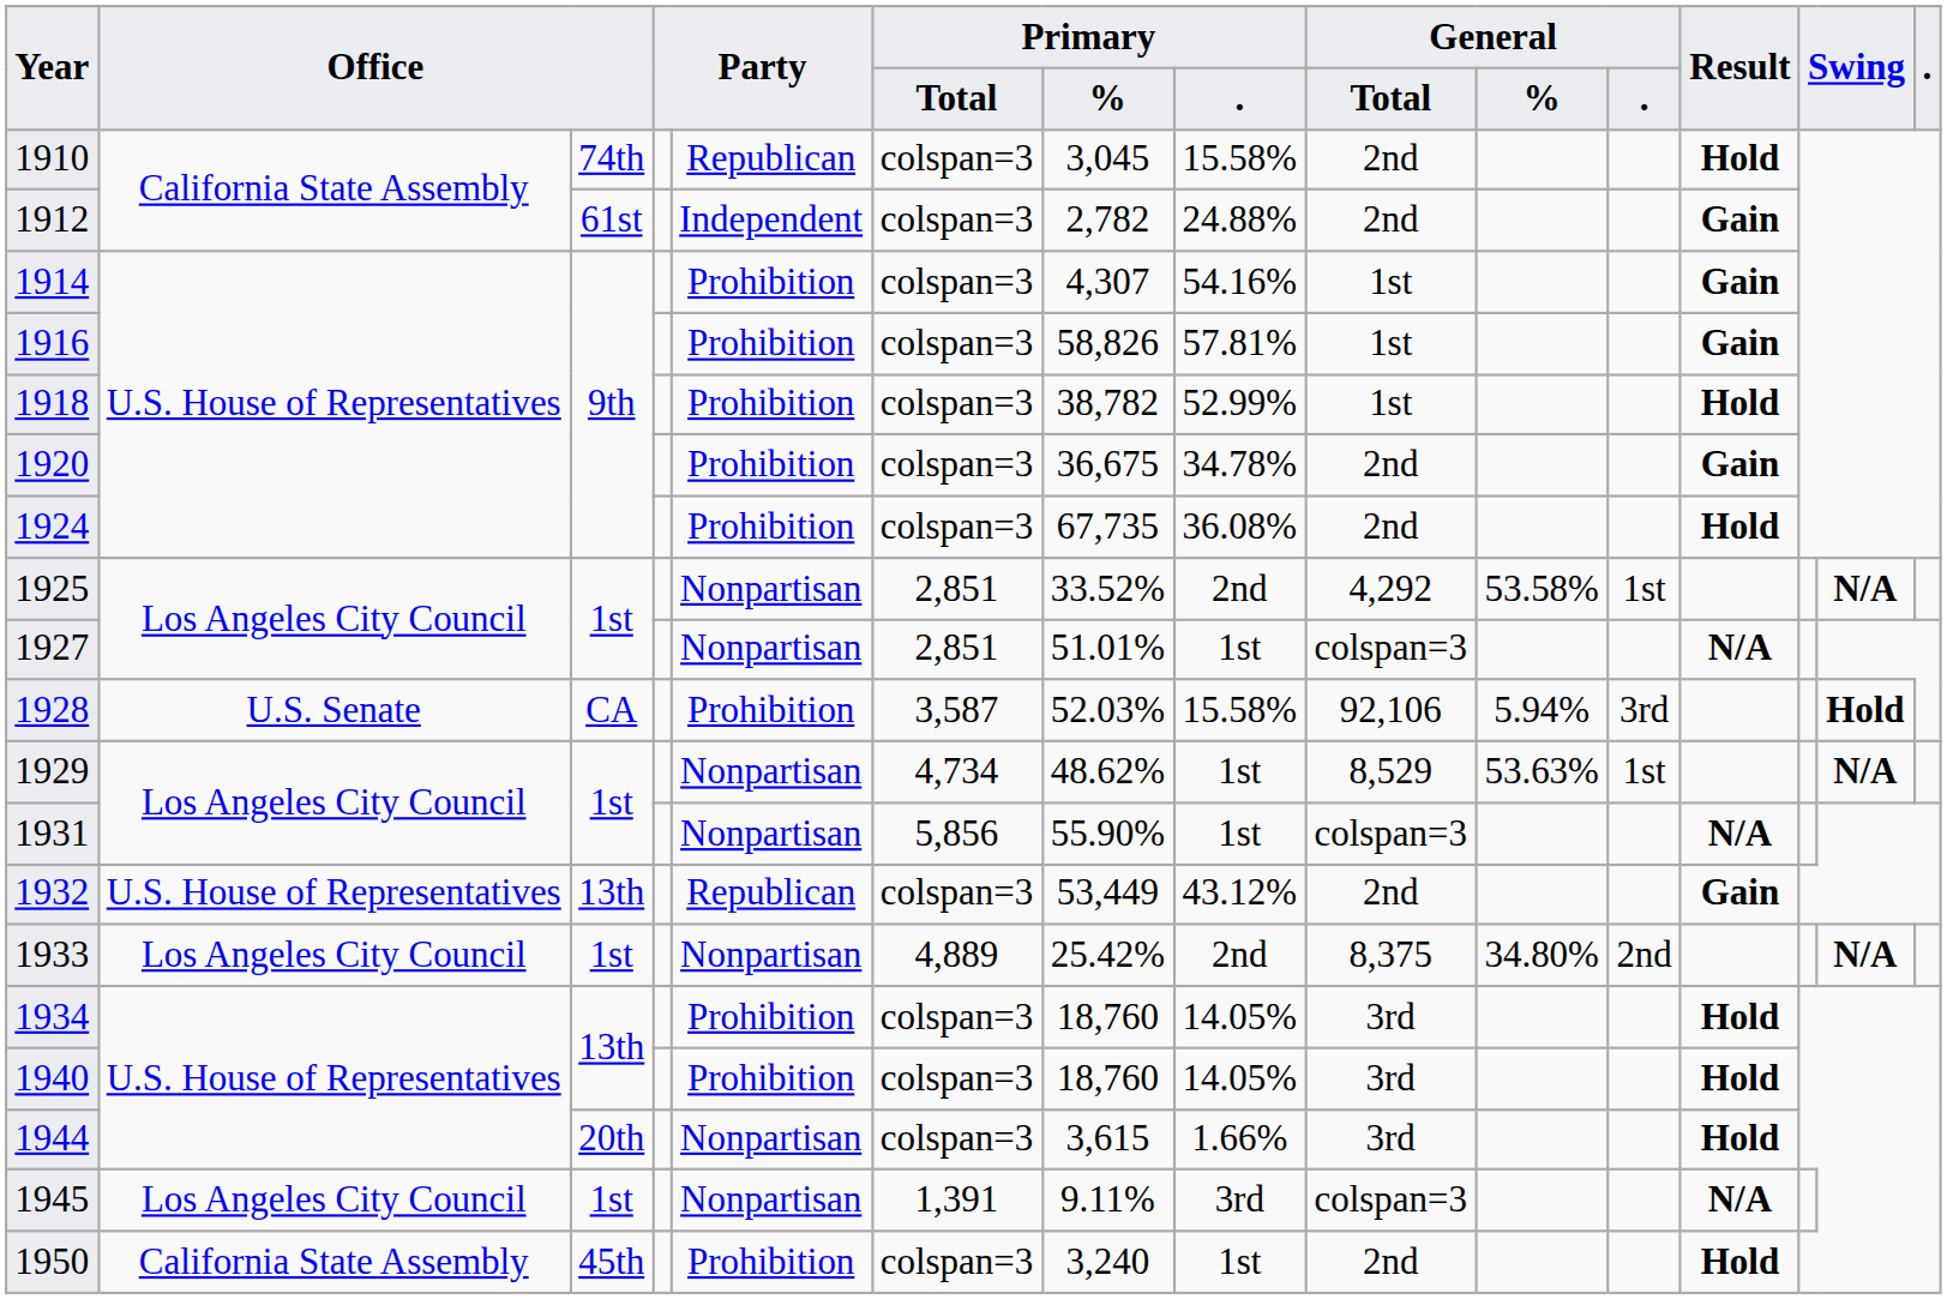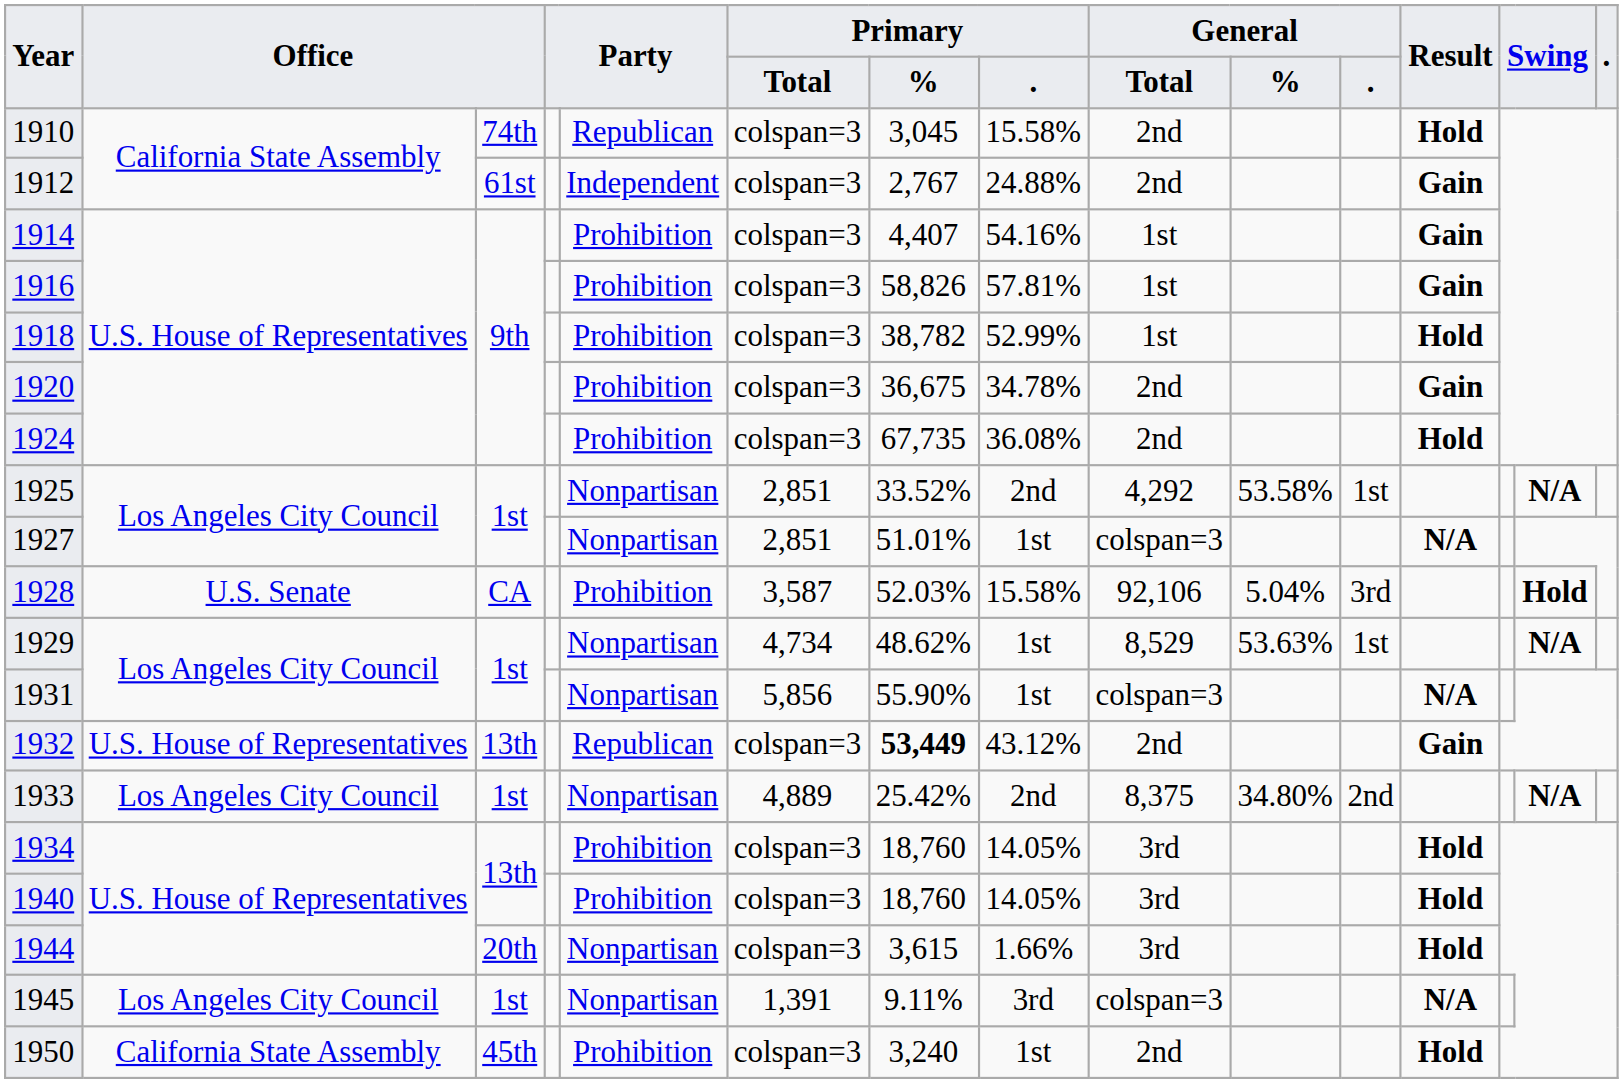 <table class="wikitable" style="font-size:90%; text-align:center;">
 <tr>
 <th style="background-color:#EAECF0;" rowspan=2>Year</th>
 <th colspan=2 style="background-color:#EAECF0;" rowspan=2>Office</th>
 <th style="background-color:#EAECF0;" colspan=2 rowspan=2>Party</th>
 <th style="background-color:#EAECF0;" colspan=3>Primary</th>
 <th style="background-color:#EAECF0;" colspan=3>General</th>
 <th style="background-color:#EAECF0;" rowspan=2>Result</th>
 <th style="background-color:#EAECF0;" colspan=2 rowspan=2><a href='#'>Swing</a></th>
 <th style="background-color:#EAECF0;" rowspan=2>.</th>
 </tr>
 <tr>
 <th style="background-color:#EAECF0;">Total</th>
 <th style="background-color:#EAECF0;">%</th>
 <th style="background-color:#EAECF0;">.</th>
 <th style="background-color:#EAECF0;">Total</th>
 <th style="background-color:#EAECF0;">%</th>
 <th style="background-color:#EAECF0;">.</th>
 </tr>
 <tr>
 <td style="background-color:#EAECF0;">1910</td>
 <td rowspan=2><a href='#'>California State Assembly</a></td>
 <td rowspan=1><a href='#'>74th</a></td>
 <td style="background-color:"></td>
 <td><a href='#'>Republican</a></td>
 <td>colspan=3 </td>
 <td>3,045</td>
 <td>15.58%</td>
 <td>2nd</td>
 <td></td>
 <td style="background-color:"></td>
 <td><strong>Hold</strong></td>
 </tr>
 <tr>
 <td style="background-color:#EAECF0;">1912</td>
 <td rowspan=1><a href='#'>61st</a></td>
 <td style="background-color:"></td>
 <td><a href='#'>Independent</a></td>
 <td>colspan=3 </td>
-<td>2,782</td>
+<td>2,767</td>
 <td>24.88%</td>
 <td>2nd</td>
 <td></td>
 <td style="background-color:"></td>
 <td><strong>Gain</strong></td>
 </tr>
 <tr>
 <td style="background-color:#EAECF0;"><a href='#'>1914</a></td>
 <td rowspan=5><a href='#'>U.S. House of Representatives</a></td>
 <td rowspan=5><a href='#'>9th</a></td>
 <td style="background-color:"></td>
 <td><a href='#'>Prohibition</a></td>
 <td>colspan=3 </td>
-<td>4,307</td>
+<td>4,407</td>
 <td>54.16%</td>
 <td>1st</td>
 <td></td>
 <td style="background-color:"></td>
 <td><strong>Gain</strong></td>
 </tr>
 <tr>
 <td style="background-color:#EAECF0;"><a href='#'>1916</a></td>
 <td style="background-color:"></td>
 <td><a href='#'>Prohibition</a></td>
 <td>colspan=3 </td>
 <td>58,826</td>
 <td>57.81%</td>
 <td>1st</td>
 <td></td>
 <td style="background-color:"></td>
 <td><strong>Gain</strong></td>
 </tr>
 <tr>
 <td style="background-color:#EAECF0;"><a href='#'>1918</a></td>
 <td style="background-color:"></td>
 <td><a href='#'>Prohibition</a></td>
 <td>colspan=3 </td>
 <td>38,782</td>
 <td>52.99%</td>
 <td>1st</td>
 <td></td>
 <td style="background-color:"></td>
 <td><strong>Hold</strong></td>
 </tr>
 <tr>
 <td style="background-color:#EAECF0;"><a href='#'>1920</a></td>
 <td style="background-color:"></td>
 <td><a href='#'>Prohibition</a></td>
 <td>colspan=3 </td>
 <td>36,675</td>
 <td>34.78%</td>
 <td>2nd</td>
 <td></td>
 <td style="background-color:"></td>
 <td><strong>Gain</strong></td>
 </tr>
 <tr>
 <td style="background-color:#EAECF0;"><a href='#'>1924</a></td>
 <td style="background-color:"></td>
 <td><a href='#'>Prohibition</a></td>
 <td>colspan=3 </td>
 <td>67,735</td>
 <td>36.08%</td>
 <td>2nd</td>
 <td></td>
 <td style="background-color:"></td>
 <td><strong>Hold</strong></td>
 </tr>
 <tr>
 <td style="background-color:#EAECF0;">1925</td>
 <td rowspan=2><a href='#'>Los Angeles City Council</a></td>
 <td rowspan=2><a href='#'>1st</a></td>
 <td style="background-color:"></td>
 <td><a href='#'>Nonpartisan</a></td>
 <td>2,851</td>
 <td>33.52%</td>
 <td>2nd</td>
 <td>4,292</td>
 <td>53.58%</td>
 <td>1st</td>
 <td></td>
 <td style="background-color:"></td>
 <td><strong>N/A</strong></td>
 <td></td>
 </tr>
 <tr>
 <td style="background-color:#EAECF0;">1927</td>
 <td style="background-color:"></td>
 <td><a href='#'>Nonpartisan</a></td>
 <td>2,851</td>
 <td>51.01%</td>
 <td>1st</td>
 <td>colspan=3 </td>
 <td></td>
 <td style="background-color:"></td>
 <td><strong>N/A</strong></td>
 <td></td>
 </tr>
 <tr>
 <td style="background-color:#EAECF0;"><a href='#'>1928</a></td>
 <td rowspan=1><a href='#'>U.S. Senate</a></td>
 <td rowspan=1><a href='#'>CA</a></td>
 <td style="background-color:"></td>
 <td><a href='#'>Prohibition</a></td>
 <td>3,587</td>
 <td>52.03%</td>
 <td>15.58%</td>
 <td>92,106</td>
-<td>5.94%</td>
+<td>5.04%</td>
 <td>3rd</td>
 <td></td>
 <td style="background-color:"></td>
 <td><strong>Hold</strong></td>
 </tr>
 <tr>
 <td style="background-color:#EAECF0;">1929</td>
 <td rowspan=2><a href='#'>Los Angeles City Council</a></td>
 <td rowspan=2><a href='#'>1st</a></td>
 <td style="background-color:"></td>
 <td><a href='#'>Nonpartisan</a></td>
 <td>4,734</td>
 <td>48.62%</td>
 <td>1st</td>
 <td>8,529</td>
 <td>53.63%</td>
 <td>1st</td>
 <td></td>
 <td style="background-color:"></td>
 <td><strong>N/A</strong></td>
 <td></td>
 </tr>
 <tr>
 <td style="background-color:#EAECF0;">1931</td>
 <td style="background-color:"></td>
 <td><a href='#'>Nonpartisan</a></td>
 <td>5,856</td>
 <td>55.90%</td>
 <td>1st</td>
 <td>colspan=3 </td>
 <td></td>
 <td style="background-color:"></td>
 <td><strong>N/A</strong></td>
 <td></td>
 </tr>
 <tr>
 <td style="background-color:#EAECF0;"><a href='#'>1932</a></td>
 <td rowspan=1><a href='#'>U.S. House of Representatives</a></td>
 <td rowspan=1><a href='#'>13th</a></td>
 <td style="background-color:"></td>
 <td><a href='#'>Republican</a></td>
 <td>colspan=3 </td>
-<td>53,449</td>
+<td><strong>53,449</strong></td>
 <td>43.12%</td>
 <td>2nd</td>
 <td></td>
 <td style="background-color:"></td>
 <td><strong>Gain</strong></td>
 </tr>
 <tr>
 <td style="background-color:#EAECF0;">1933</td>
 <td rowspan=1><a href='#'>Los Angeles City Council</a></td>
 <td rowspan=1><a href='#'>1st</a></td>
 <td style="background-color:"></td>
 <td><a href='#'>Nonpartisan</a></td>
 <td>4,889</td>
 <td>25.42%</td>
 <td>2nd</td>
 <td>8,375</td>
 <td>34.80%</td>
 <td>2nd</td>
 <td></td>
 <td style="background-color:"></td>
 <td><strong>N/A</strong></td>
 <td></td>
 </tr>
 <tr>
 <td style="background-color:#EAECF0;"><a href='#'>1934</a></td>
 <td rowspan=3><a href='#'>U.S. House of Representatives</a></td>
 <td rowspan=2><a href='#'>13th</a></td>
 <td style="background-color:"></td>
 <td><a href='#'>Prohibition</a></td>
 <td>colspan=3 </td>
 <td>18,760</td>
 <td>14.05%</td>
 <td>3rd</td>
 <td></td>
 <td style="background-color:"></td>
 <td><strong>Hold</strong></td>
 </tr>
 <tr>
 <td style="background-color:#EAECF0;"><a href='#'>1940</a></td>
 <td style="background-color:"></td>
 <td><a href='#'>Prohibition</a></td>
 <td>colspan=3 </td>
 <td>18,760</td>
 <td>14.05%</td>
 <td>3rd</td>
 <td></td>
 <td style="background-color:"></td>
 <td><strong>Hold</strong></td>
 </tr>
 <tr>
 <td style="background-color:#EAECF0;"><a href='#'>1944</a></td>
 <td rowspan=1><a href='#'>20th</a></td>
 <td style="background-color:"></td>
 <td><a href='#'>Nonpartisan</a></td>
 <td>colspan=3 </td>
 <td>3,615</td>
 <td>1.66%</td>
 <td>3rd</td>
 <td></td>
 <td style="background-color:"></td>
 <td><strong>Hold</strong></td>
 </tr>
 <tr>
 <td style="background-color:#EAECF0;">1945</td>
 <td rowspan=1><a href='#'>Los Angeles City Council</a></td>
 <td rowspan=1><a href='#'>1st</a></td>
 <td style="background-color:"></td>
 <td><a href='#'>Nonpartisan</a></td>
 <td>1,391</td>
 <td>9.11%</td>
 <td>3rd</td>
 <td>colspan=3 </td>
 <td></td>
 <td style="background-color:"></td>
 <td><strong>N/A</strong></td>
 <td></td>
 </tr>
 <tr>
 <td style="background-color:#EAECF0;">1950</td>
 <td rowspan=3><a href='#'>California State Assembly</a></td>
 <td rowspan=2><a href='#'>45th</a></td>
 <td style="background-color:"></td>
 <td><a href='#'>Prohibition</a></td>
 <td>colspan=3 </td>
 <td>3,240</td>
 <td>1st</td>
 <td>2nd</td>
 <td></td>
 <td style="background-color:"></td>
 <td><strong>Hold</strong></td>
 </tr>
 </table>
